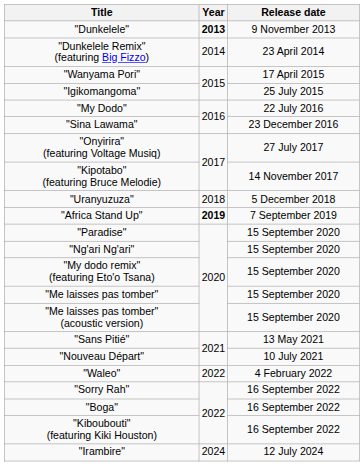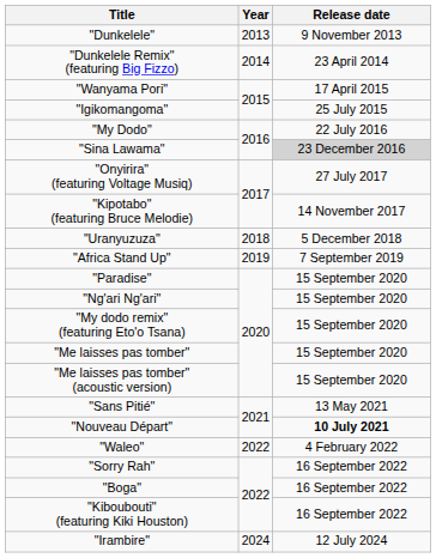 <table class="wikitable plainrowheaders" style="text-align:center;" border="1">
 <tr>
 <th style="width:18em;">Title</th>
 <th style="width:2em;">Year</th>
 <th style="width:12em;">Release date</th>
 </tr>
 <tr>
 <td>"Dunkelele"</td>
-<td rowspan="1"><strong>2013</strong></td>
+<td rowspan="1">2013</td>
 <td>9 November 2013</td>
 </tr>
 <tr>
 <td>"Dunkelele Remix" <br><span>(featuring <a href='#'>Big Fizzo</a>)</span></td>
 <td rowspan="1">2014</td>
 <td>23 April 2014</td>
 </tr>
 <tr>
 <td>"Wanyama Pori"</td>
 <td rowspan="2">2015</td>
 <td>17 April 2015</td>
 </tr>
 <tr>
 <td>"Igikomangoma" <br></td>
 <td>25 July 2015</td>
 </tr>
 <tr>
 <td>"My Dodo"</td>
 <td rowspan="2">2016</td>
 <td>22 July 2016</td>
 </tr>
 <tr>
 <td>"Sina Lawama"</td>
-<td>23 December 2016</td>
+<td style="background: lightgrey;">23 December 2016</td>
 </tr>
 <tr>
 <td>"Onyirira" <br><span>(featuring Voltage Musiq)</span></td>
 <td rowspan="2">2017</td>
 <td>27 July 2017</td>
 </tr>
 <tr>
 <td>"Kipotabo" <br><span>(featuring Bruce Melodie)</span></td>
 <td>14 November 2017</td>
 </tr>
 <tr>
 <td>"Uranyuzuza"</td>
 <td rowspan="1">2018</td>
 <td>5 December 2018</td>
 </tr>
 <tr>
 <td>"Africa Stand Up"</td>
-<td rowspan="1"><strong>2019</strong></td>
+<td rowspan="1">2019</td>
 <td>7 September 2019</td>
 </tr>
 <tr>
 <td>"Paradise"</td>
 <td rowspan="5">2020</td>
 <td>15 September 2020</td>
 </tr>
 <tr>
 <td>"Ng'ari Ng'ari" <br></td>
 <td>15 September 2020</td>
 </tr>
 <tr>
 <td>"My dodo remix"<br><span>(featuring Eto'o Tsana)</span></td>
 <td>15 September 2020</td>
 </tr>
 <tr>
 <td>"Me laisses pas tomber"</td>
 <td>15 September 2020</td>
 </tr>
 <tr>
 <td>"Me laisses pas tomber"<br><span>(acoustic version)</span></td>
 <td>15 September 2020</td>
 </tr>
 <tr>
 <td>"Sans Pitié"</td>
 <td rowspan="2">2021</td>
 <td>13 May 2021</td>
 </tr>
 <tr>
 <td>"Nouveau Départ"</td>
-<td>10 July 2021</td>
+<td><strong>10 July 2021</strong></td>
 </tr>
 <tr>
 <td>"Waleo"</td>
 <td rowspan="1">2022</td>
 <td>4 February 2022</td>
 </tr>
 <tr>
 <td>"Sorry Rah"</td>
 <td rowspan="3">2022</td>
 <td>16 September 2022</td>
 </tr>
 <tr>
 <td>"Boga" <br></td>
 <td>16 September 2022</td>
 </tr>
 <tr>
 <td>"Kiboubouti"<br><span>(featuring Kiki Houston)</span></td>
 <td>16 September 2022</td>
 </tr>
 <tr>
 <td>"Irambire"</td>
 <td rowspan="1">2024</td>
 <td>12 July 2024</td>
 </tr>
 </table>
